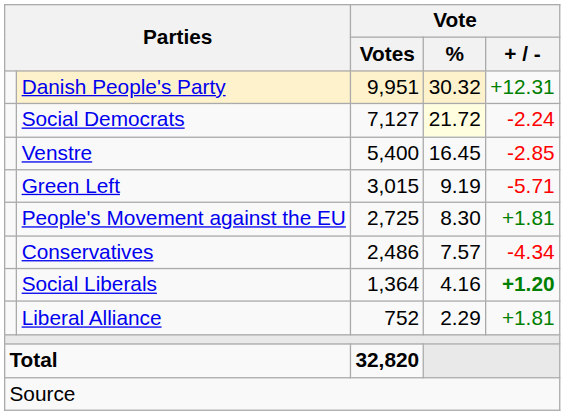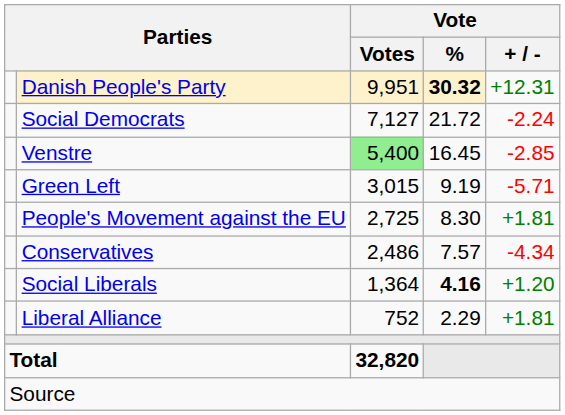 <table class="wikitable" style="text-align:right;">
 <tr>
 <th style="text-align:centre;" rowspan="2" colspan="2" width="225">Parties</th>
 <th colspan="3">Vote</th>
 </tr>
 <tr>
 <th width="15">Votes</th>
 <th width="15">%</th>
 <th width="15">+ / -</th>
 </tr>
 <tr>
 <td width="2" style="color:inherit;background:"></td>
 <td bgcolor=#fef2cc   align="left"><a href='#'>Danish People's Party</a></td>
 <td bgcolor=#fef2cc>9,951</td>
-<td bgcolor=#fef2cc>30.32</td>
+<td bgcolor=#fef2cc><strong>30.32</strong></td>
 <td style=color:green;>+12.31</td>
 </tr>
 <tr>
 <td width="2" style="color:inherit;background:"></td>
 <td align="left"><a href='#'>Social Democrats</a></td>
 <td>7,127</td>
-<td style="background: lightyellow;">21.72</td>
+<td>21.72</td>
 <td style=color:red;>-2.24</td>
 </tr>
 <tr>
 <td width="2" style="color:inherit;background:"></td>
 <td align="left"><a href='#'>Venstre</a></td>
-<td>5,400</td>
+<td style="background: lightgreen;">5,400</td>
 <td>16.45</td>
 <td style=color:red;>-2.85</td>
 </tr>
 <tr>
 <td width="2" style="color:inherit;background:"></td>
 <td align="left"><a href='#'>Green Left</a></td>
 <td>3,015</td>
 <td>9.19</td>
 <td style=color:red;>-5.71</td>
 </tr>
 <tr>
 <td width="2" style="color:inherit;background:"></td>
 <td align="left"><a href='#'>People's Movement against the EU</a></td>
 <td>2,725</td>
 <td>8.30</td>
 <td style=color:green;>+1.81</td>
 </tr>
 <tr>
 <td width="2" style="color:inherit;background:"></td>
 <td align="left"><a href='#'>Conservatives</a></td>
 <td>2,486</td>
 <td>7.57</td>
 <td style=color:red;>-4.34</td>
 </tr>
 <tr>
 <td width="2" style="color:inherit;background:"></td>
 <td align="left"><a href='#'>Social Liberals</a></td>
 <td>1,364</td>
-<td>4.16</td>
-<td style=color:green;><strong>+1.20</strong></td>
+<td><strong>4.16</strong></td>
+<td style=color:green;>+1.20</td>
 </tr>
 <tr>
 <td width="2" style="color:inherit;background:"></td>
 <td align="left"><a href='#'>Liberal Alliance</a></td>
 <td>752</td>
 <td>2.29</td>
 <td style=color:green;>+1.81</td>
 </tr>
 <tr>
 <td colspan="7" bgcolor="#E9E9E9"></td>
 </tr>
 <tr>
 <td align="left" colspan="2"><strong>Total</strong></td>
 <td><strong>32,820</strong></td>
 <td bgcolor="#E9E9E9" colspan="2"></td>
 </tr>
 <tr>
 <td align="left" colspan="6">Source</td>
 </tr>
 </table>
